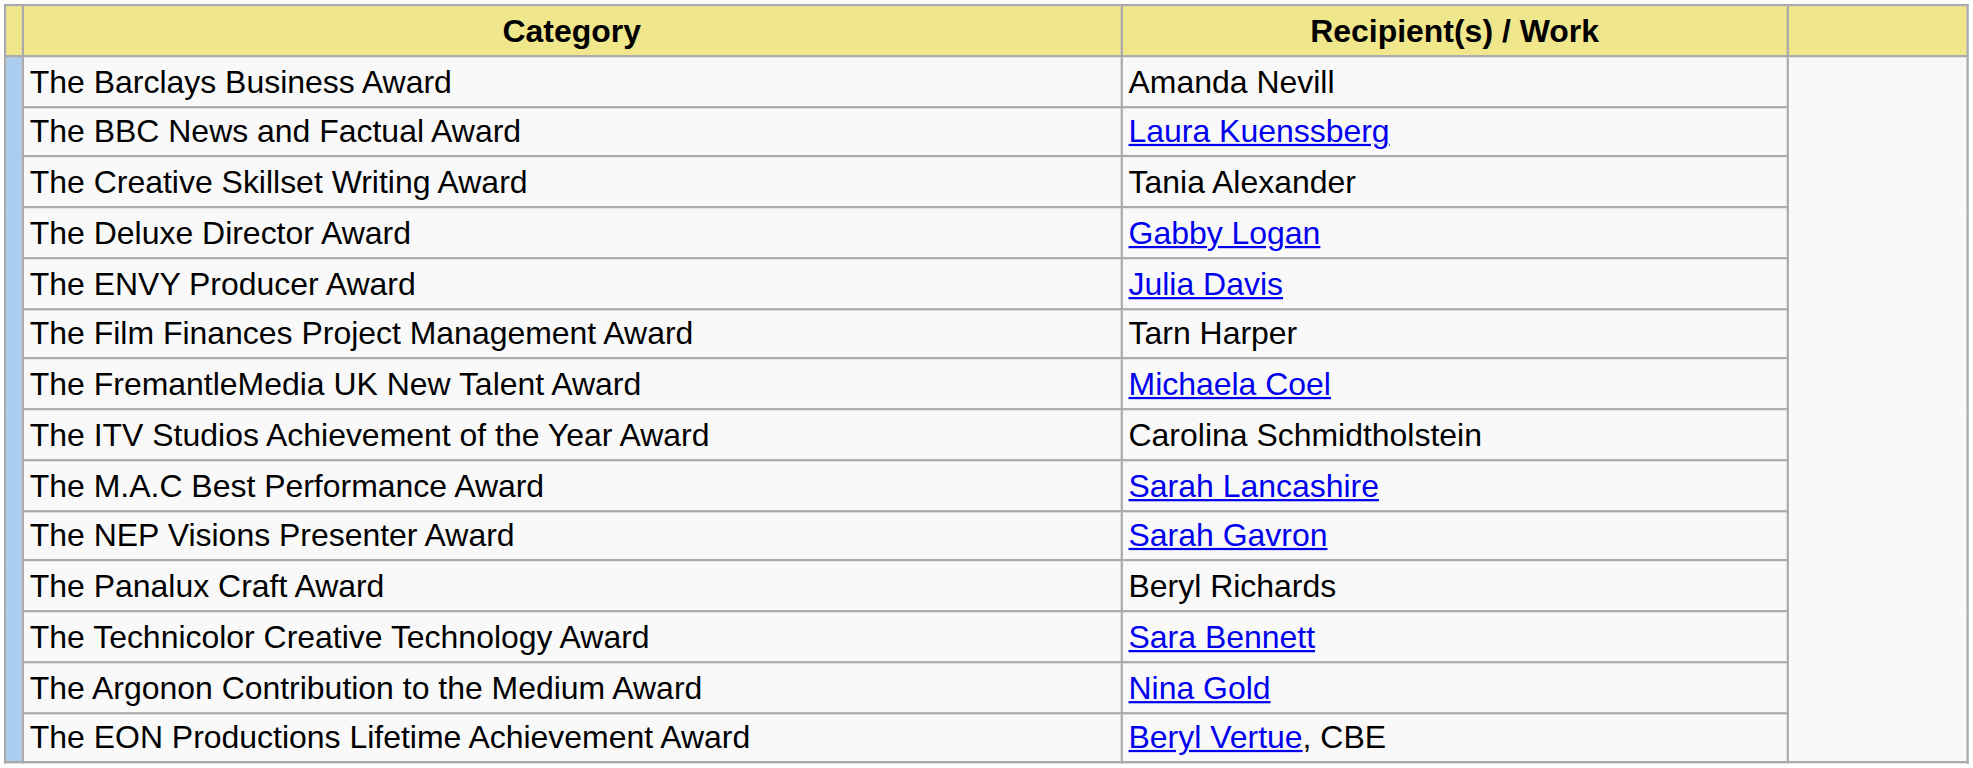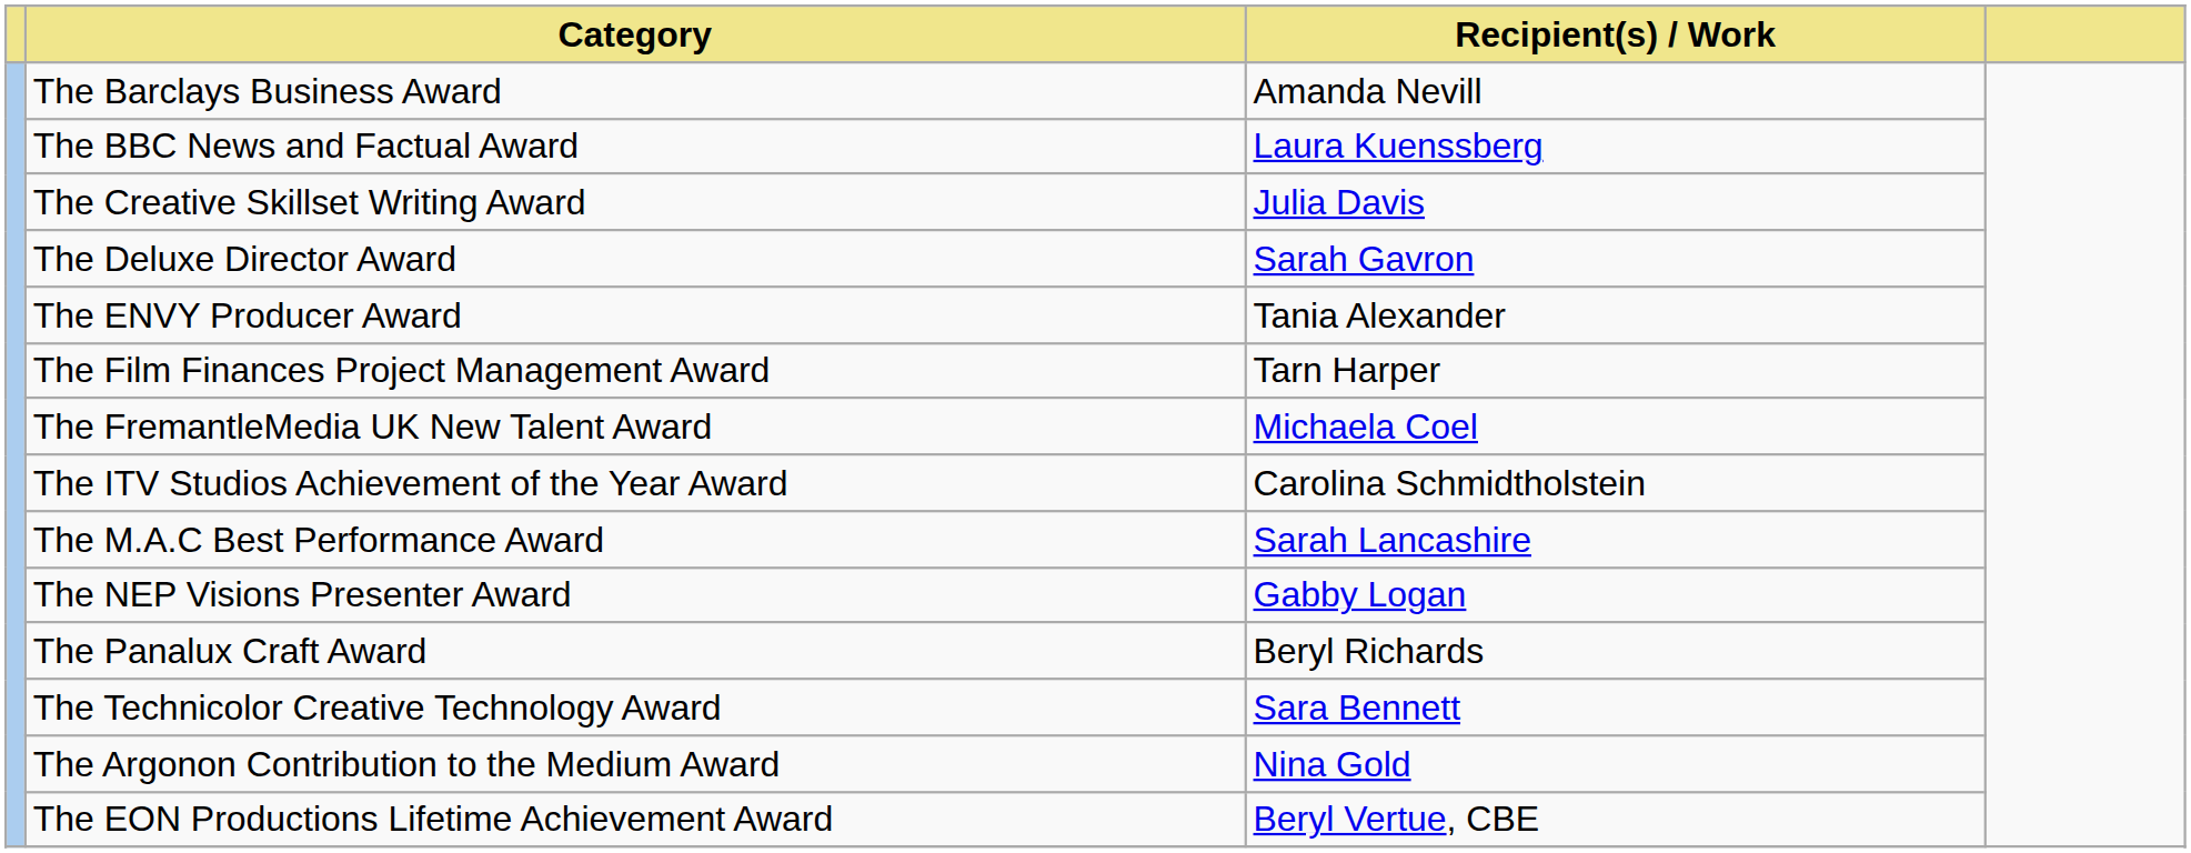 <table class="wikitable" width="70%" scope="col" style="text-align:left; font-size: 90%">
 <tr col>
 <th style="background:#F0E68C" width="1px"></th>
 <th style="background:#F0E68C" width="56%">Category</th>
 <th style="background:#F0E68C" width="34%">Recipient(s) / Work</th>
 <th style="background:#F0E68C" scope="col" class="unsortable"></th>
 </tr>
 <tr>
 <td rowspan="15"  style="background: #abcdef;"></td>
 <td scope="col" style="align:left">The Barclays Business Award</td>
 <td>Amanda Nevill</td>
 <td rowspan="15"></td>
 </tr>
 <tr>
 <td>The BBC News and Factual Award</td>
 <td><a href='#'>Laura Kuenssberg</a></td>
 </tr>
 <tr>
 <td>The Creative Skillset Writing Award</td>
-<td>Tania Alexander</td>
+<td><a href='#'>Julia Davis</a></td>
 </tr>
 <tr>
 <td>The Deluxe Director Award</td>
-<td><a href='#'>Gabby Logan</a></td>
+<td><a href='#'>Sarah Gavron</a></td>
 </tr>
 <tr>
 <td>The ENVY Producer Award</td>
-<td><a href='#'>Julia Davis</a></td>
+<td>Tania Alexander</td>
 </tr>
 <tr>
 <td>The Film Finances Project Management Award</td>
 <td>Tarn Harper</td>
 </tr>
 <tr>
 <td>The FremantleMedia UK New Talent Award</td>
 <td><a href='#'>Michaela Coel</a></td>
 </tr>
 <tr>
 <td>The ITV Studios Achievement of the Year Award</td>
 <td>Carolina Schmidtholstein</td>
 </tr>
 <tr>
 <td>The M.A.C Best Performance Award</td>
 <td><a href='#'>Sarah Lancashire</a></td>
 </tr>
 <tr>
 <td>The NEP Visions Presenter Award</td>
-<td><a href='#'>Sarah Gavron</a></td>
+<td><a href='#'>Gabby Logan</a></td>
 </tr>
 <tr>
 <td>The Panalux Craft Award</td>
 <td>Beryl Richards</td>
 </tr>
 <tr>
 <td>The Technicolor Creative Technology Award</td>
 <td><a href='#'>Sara Bennett</a></td>
 </tr>
 <tr>
 <td>The Argonon Contribution to the Medium Award</td>
 <td><a href='#'>Nina Gold</a></td>
 </tr>
 <tr>
 <td>The EON Productions Lifetime Achievement Award</td>
 <td><a href='#'>Beryl Vertue</a>, CBE</td>
 </tr>
 <tr>
 </tr>
 </table>
